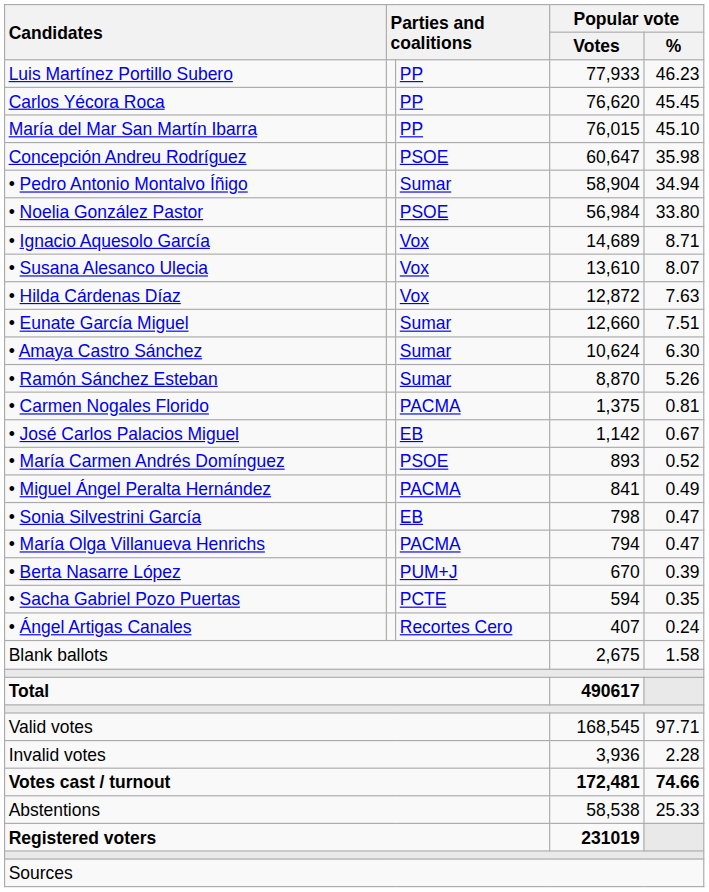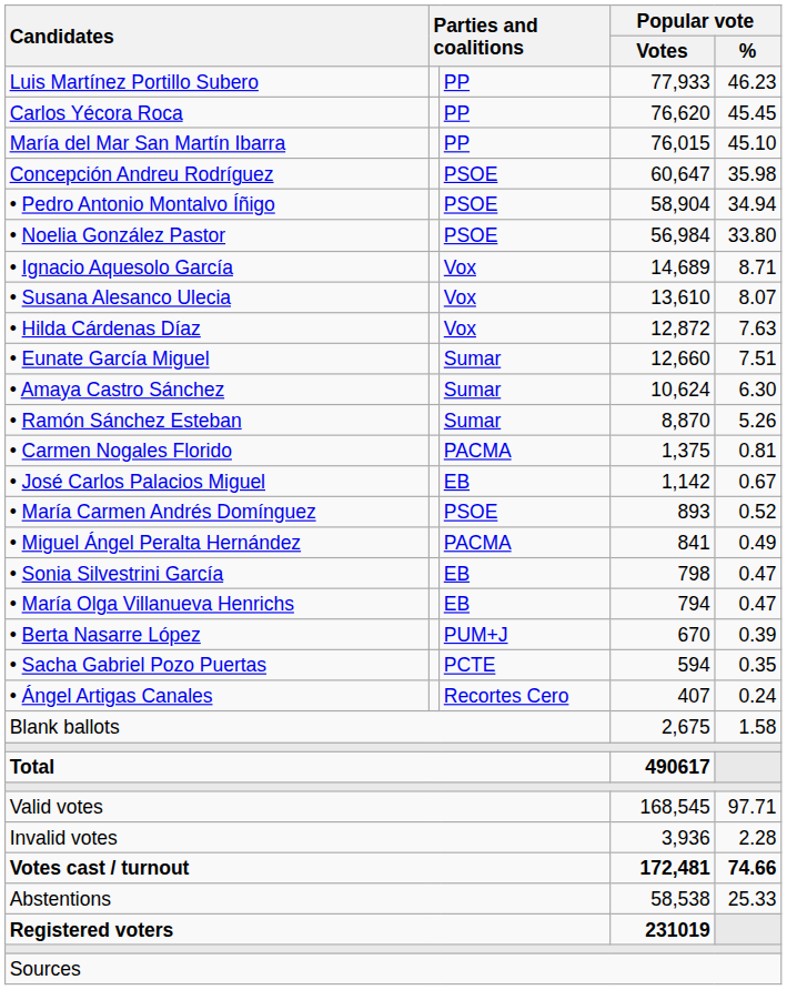 <table class="wikitable" style="text-align:right; font-size:95%;">
 <tr>
 <th style="text-align:left;" rowspan="2" width="325">Candidates</th>
 <th style="text-align:left;" rowspan="2" colspan="2" width="175">Parties and coalitions</th>
 <th colspan="2">Popular vote</th>
 </tr>
 <tr>
 <th width="75">Votes</th>
 <th width="45">%</th>
 </tr>
 <tr>
 <td align="left"> <a href='#'>Luis Martínez Portillo Subero</a></td>
 <td width="1" style="color:inherit;background:"></td>
 <td align="left"><a href='#'>PP</a></td>
 <td>77,933</td>
 <td>46.23</td>
 </tr>
 <tr>
 <td align="left"> <a href='#'>Carlos Yécora Roca</a></td>
 <td width="1" style="color:inherit;background:"></td>
 <td align="left"><a href='#'>PP</a></td>
 <td>76,620</td>
 <td>45.45</td>
 </tr>
 <tr>
 <td align="left"> <a href='#'>María del Mar San Martín Ibarra</a></td>
 <td width="1" style="color:inherit;background:"></td>
 <td align="left"><a href='#'>PP</a></td>
 <td>76,015</td>
 <td>45.10</td>
 </tr>
 <tr>
 <td align="left"> <a href='#'>Concepción Andreu Rodríguez</a></td>
 <td width="1" style="color:inherit;background:"></td>
 <td align="left"><a href='#'>PSOE</a></td>
 <td>60,647</td>
 <td>35.98</td>
 </tr>
 <tr>
 <td align="left">• <a href='#'>Pedro Antonio Montalvo Íñigo</a></td>
 <td width="1" style="color:inherit;background:"></td>
-<td align="left"><a href='#'>Sumar</a></td>
+<td align="left"><a href='#'>PSOE</a></td>
 <td>58,904</td>
 <td>34.94</td>
 </tr>
 <tr>
 <td align="left">• <a href='#'>Noelia González Pastor</a></td>
 <td width="1" style="color:inherit;background:"></td>
 <td align="left"><a href='#'>PSOE</a></td>
 <td>56,984</td>
 <td>33.80</td>
 </tr>
 <tr>
 <td align="left">• <a href='#'>Ignacio Aquesolo García</a></td>
 <td width="1" style="color:inherit;background:"></td>
 <td align="left"><a href='#'>Vox</a></td>
 <td>14,689</td>
 <td>8.71</td>
 </tr>
 <tr>
 <td align="left">• <a href='#'>Susana Alesanco Ulecia</a></td>
 <td width="1" style="color:inherit;background:"></td>
 <td align="left"><a href='#'>Vox</a></td>
 <td>13,610</td>
 <td>8.07</td>
 </tr>
 <tr>
 <td align="left">• <a href='#'>Hilda Cárdenas Díaz</a></td>
 <td width="1" style="color:inherit;background:"></td>
 <td align="left"><a href='#'>Vox</a></td>
 <td>12,872</td>
 <td>7.63</td>
 </tr>
 <tr>
 <td align="left">• <a href='#'>Eunate García Miguel</a></td>
 <td width="1" style="color:inherit;background:"></td>
 <td align="left"><a href='#'>Sumar</a></td>
 <td>12,660</td>
 <td>7.51</td>
 </tr>
 <tr>
 <td align="left">• <a href='#'>Amaya Castro Sánchez</a></td>
 <td width="1" style="color:inherit;background:"></td>
 <td align="left"><a href='#'>Sumar</a></td>
 <td>10,624</td>
 <td>6.30</td>
 </tr>
 <tr>
 <td align="left">• <a href='#'>Ramón Sánchez Esteban</a></td>
 <td width="1" style="color:inherit;background:"></td>
 <td align="left"><a href='#'>Sumar</a></td>
 <td>8,870</td>
 <td>5.26</td>
 </tr>
 <tr>
 <td align="left">• <a href='#'>Carmen Nogales Florido</a></td>
 <td width="1" style="color:inherit;background:"></td>
 <td align="left"><a href='#'>PACMA</a></td>
 <td>1,375</td>
 <td>0.81</td>
 </tr>
 <tr>
 <td align="left">• <a href='#'>José Carlos Palacios Miguel</a></td>
 <td width="1" style="color:inherit;background:"></td>
 <td align="left"><a href='#'>EB</a></td>
 <td>1,142</td>
 <td>0.67</td>
 </tr>
 <tr>
 <td align="left">• <a href='#'>María Carmen Andrés Domínguez</a></td>
 <td width="1" style="color:inherit;background:"></td>
 <td align="left"><a href='#'>PSOE</a></td>
 <td>893</td>
 <td>0.52</td>
 </tr>
 <tr>
 <td align="left">• <a href='#'>Miguel Ángel Peralta Hernández</a></td>
 <td width="1" style="color:inherit;background:"></td>
 <td align="left"><a href='#'>PACMA</a></td>
 <td>841</td>
 <td>0.49</td>
 </tr>
 <tr>
 <td align="left">• <a href='#'>Sonia Silvestrini García</a></td>
 <td width="1" style="color:inherit;background:"></td>
 <td align="left"><a href='#'>EB</a></td>
 <td>798</td>
 <td>0.47</td>
 </tr>
 <tr>
 <td align="left">• <a href='#'>María Olga Villanueva Henrichs</a></td>
 <td width="1" style="color:inherit;background:"></td>
-<td align="left"><a href='#'>PACMA</a></td>
+<td align="left"><a href='#'>EB</a></td>
 <td>794</td>
 <td>0.47</td>
 </tr>
 <tr>
 <td align="left">• <a href='#'>Berta Nasarre López</a></td>
 <td width="1" style="color:inherit;background:"></td>
 <td align="left"><a href='#'>PUM+J</a></td>
 <td>670</td>
 <td>0.39</td>
 </tr>
 <tr>
 <td align="left">• <a href='#'>Sacha Gabriel Pozo Puertas</a></td>
 <td width="1" style="color:inherit;background:"></td>
 <td align="left"><a href='#'>PCTE</a></td>
 <td>594</td>
 <td>0.35</td>
 </tr>
 <tr>
 <td align="left">• <a href='#'>Ángel Artigas Canales</a></td>
 <td width="1" style="color:inherit;background:"></td>
 <td align="left"><a href='#'>Recortes Cero</a></td>
 <td>407</td>
 <td>0.24</td>
 </tr>
 <tr>
 <td align="left" colspan="3">Blank ballots</td>
 <td>2,675</td>
 <td>1.58</td>
 </tr>
 <tr>
 <td colspan="5" bgcolor="#E9E9E9"></td>
 </tr>
 <tr style="font-weight:bold;">
 <td align="left" colspan="3">Total</td>
 <td>490617</td>
 <td bgcolor="#E9E9E9"></td>
 </tr>
 <tr>
 <td colspan="5" bgcolor="#E9E9E9"></td>
 </tr>
 <tr>
 <td align="left" colspan="3">Valid votes</td>
 <td>168,545</td>
 <td>97.71</td>
 </tr>
 <tr>
 <td align="left" colspan="3">Invalid votes</td>
 <td>3,936</td>
 <td>2.28</td>
 </tr>
 <tr style="font-weight:bold;">
 <td align="left" colspan="3">Votes cast / turnout</td>
 <td>172,481</td>
 <td>74.66</td>
 </tr>
 <tr>
 <td align="left" colspan="3">Abstentions</td>
 <td>58,538</td>
 <td>25.33</td>
 </tr>
 <tr style="font-weight:bold;">
 <td align="left" colspan="3">Registered voters</td>
 <td>231019</td>
 <td bgcolor="#E9E9E9"></td>
 </tr>
 <tr>
 <td colspan="5" bgcolor="#E9E9E9"></td>
 </tr>
 <tr>
 <td align="left" colspan="5">Sources</td>
 </tr>
 </table>
